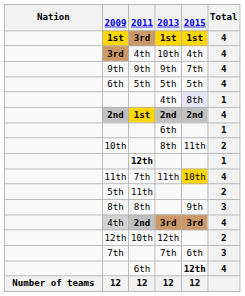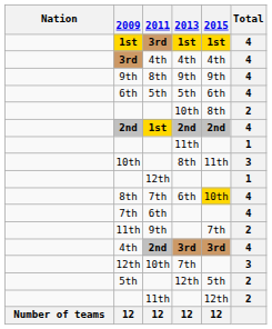 <table class="wikitable" style="text-align:center; font-size:90%">
 <tr>
 <th width=120px>Nation</th>
 <th><br><a href='#'>2009</a></th>
 <th><br><a href='#'>2011</a></th>
 <th><br><a href='#'>2013</a></th>
 <th><br><a href='#'>2015</a></th>
 <th>Total</th>
 </tr>
 <tr>
 <td align=left></td>
 <td bgcolor=gold><strong>1st</strong></td>
 <td bgcolor=#cc9966><strong>3rd</strong></td>
 <td bgcolor=gold><strong>1st</strong></td>
 <td bgcolor=gold><strong>1st</strong></td>
 <th>4</th>
 </tr>
 <tr>
 <td align=left></td>
 <td bgcolor=#cc9966><strong>3rd</strong></td>
 <td>4th</td>
-<td>10th</td>
+<td>4th</td>
 <td>4th</td>
 <th>4</th>
 </tr>
 <tr>
 <td align=left></td>
 <td>9th</td>
+<td>8th</td>
 <td>9th</td>
 <td>9th</td>
-<td>7th</td>
 <th>4</th>
 </tr>
 <tr>
 <td align=left></td>
 <td>6th</td>
 <td>5th</td>
 <td>5th</td>
-<td>5th</td>
+<td>6th</td>
 <th>4</th>
 </tr>
 <tr>
 <td align=left></td>
 <td></td>
 <td></td>
-<td>4th</td>
-<td style="background: lavender;">8th</td>
-<th>1</th>
+<td>10th</td>
+<td>8th</td>
+<th>2</th>
 </tr>
 <tr>
 <td align=left></td>
 <td bgcolor=silver><strong>2nd</strong></td>
 <td bgcolor=gold><strong>1st</strong></td>
 <td bgcolor=silver><strong>2nd</strong></td>
 <td bgcolor=silver><strong>2nd</strong></td>
 <th>4</th>
 </tr>
 <tr>
 <td align=left></td>
 <td></td>
 <td></td>
-<td>6th</td>
+<td>11th</td>
 <td></td>
 <th>1</th>
 </tr>
 <tr>
 <td align=left></td>
 <td>10th</td>
 <td></td>
 <td>8th</td>
 <td>11th</td>
-<th>2</th>
+<th>3</th>
 </tr>
 <tr>
 <td align=left></td>
 <td></td>
-<td><strong>12th</strong></td>
+<td>12th</td>
 <td></td>
 <td></td>
 <th>1</th>
 </tr>
 <tr>
 <td align=left></td>
-<td>11th</td>
+<td>8th</td>
 <td>7th</td>
-<td>11th</td>
+<td>6th</td>
 <td style="background: gold;">10th</td>
 <th>4</th>
 </tr>
 <tr>
 <td align=left></td>
-<td>5th</td>
-<td>11th</td>
+<td>7th</td>
+<td>6th</td>
 <td></td>
 <td></td>
+<th>4</th>
+</tr>
+<tr>
+<td align=left></td>
+<td>11th</td>
+<td>9th</td>
+<td></td>
+<td>7th</td>
 <th>2</th>
 </tr>
 <tr>
 <td align=left></td>
-<td>8th</td>
-<td>8th</td>
-<td></td>
-<td>9th</td>
-<th>3</th>
-</tr>
-<tr>
-<td align=left></td>
-<td style="background: lightgrey;">4th</td>
+<td>4th</td>
 <td bgcolor=silver><strong>2nd</strong></td>
 <td bgcolor=#cc9966><strong>3rd</strong></td>
 <td bgcolor=#cc9966><strong>3rd</strong></td>
 <th>4</th>
 </tr>
 <tr>
 <td align=left></td>
 <td>12th</td>
 <td>10th</td>
+<td>7th</td>
+<td></td>
+<th>3</th>
+</tr>
+<tr>
+<td align=left></td>
+<td>5th</td>
+<td></td>
 <td>12th</td>
-<td></td>
+<td>5th</td>
 <th>2</th>
 </tr>
 <tr>
 <td align=left></td>
-<td>7th</td>
 <td></td>
-<td>7th</td>
-<td>6th</td>
-<th>3</th>
-</tr>
-<tr>
-<td align=left></td>
+<td>11th</td>
 <td></td>
-<td>6th</td>
-<td></td>
-<td><strong>12th</strong></td>
-<th>4</th>
+<td>12th</td>
+<th>2</th>
 </tr>
 <tr>
 <th>Number of teams</th>
 <th>12</th>
 <th>12</th>
 <th>12</th>
 <th>12</th>
 <th></th>
 </tr>
 </table>
